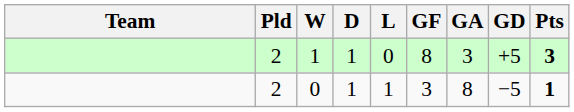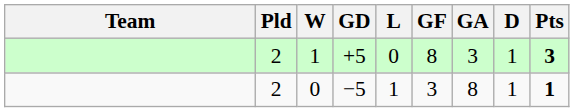 <table class="wikitable" style="text-align:center;">
 <tr>
 <th width=180>Team</th>
 <th width=20>Pld</th>
 <th width=20>W</th>
-<th width=20>D</th>
+<th width=20>GD</th>
 <th width=20>L</th>
 <th width=20>GF</th>
 <th width=20>GA</th>
-<th width=20>GD</th>
+<th width=20>D</th>
 <th width=20>Pts</th>
 </tr>
 <tr style="background:#cfc;">
 <td align="left"></td>
 <td>2</td>
 <td>1</td>
-<td>1</td>
+<td>+5</td>
 <td>0</td>
 <td>8</td>
 <td>3</td>
-<td>+5</td>
+<td>1</td>
 <td><strong>3</strong></td>
 </tr>
 <tr>
 <td align="left"></td>
 <td>2</td>
 <td>0</td>
-<td>1</td>
+<td>−5</td>
 <td>1</td>
 <td>3</td>
 <td>8</td>
-<td>−5</td>
+<td>1</td>
 <td><strong>1</strong></td>
 </tr>
 </table>
